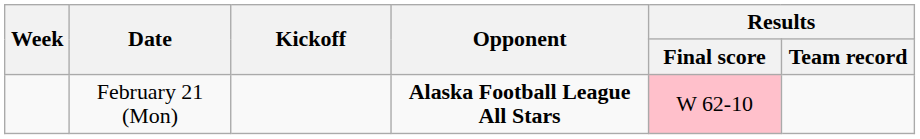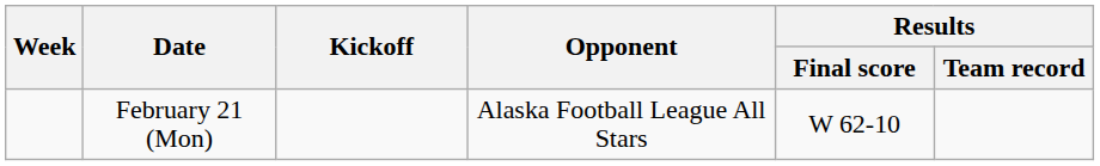 <table class="wikitable">
 <tr>
 <th rowspan="2" style="width:40px;">Week</th>
 <th rowspan="2" style="width:110px;">Date</th>
 <th rowspan="2" style="width:110px;">Kickoff</th>
 <th rowspan="2" style="width:180px;">Opponent</th>
 <th colspan="2" style="width:180px;">Results</th>
 </tr>
 <tr>
 <th style="width:90px;">Final score</th>
 <th style="width:90px;">Team record</th>
 </tr>
 <tr style="text-align:center;">
 <td style="text-align:center;"></td>
 <td>February 21 (Mon)</td>
 <td style="text-align:center;"></td>
-<td><strong>Alaska Football League All Stars</strong></td>
-<td style="background: pink;">W 62-10</td>
+<td>Alaska Football League All Stars</td>
+<td>W 62-10</td>
 <td style="text-align:center;"></td>
 </tr>
 </table>
